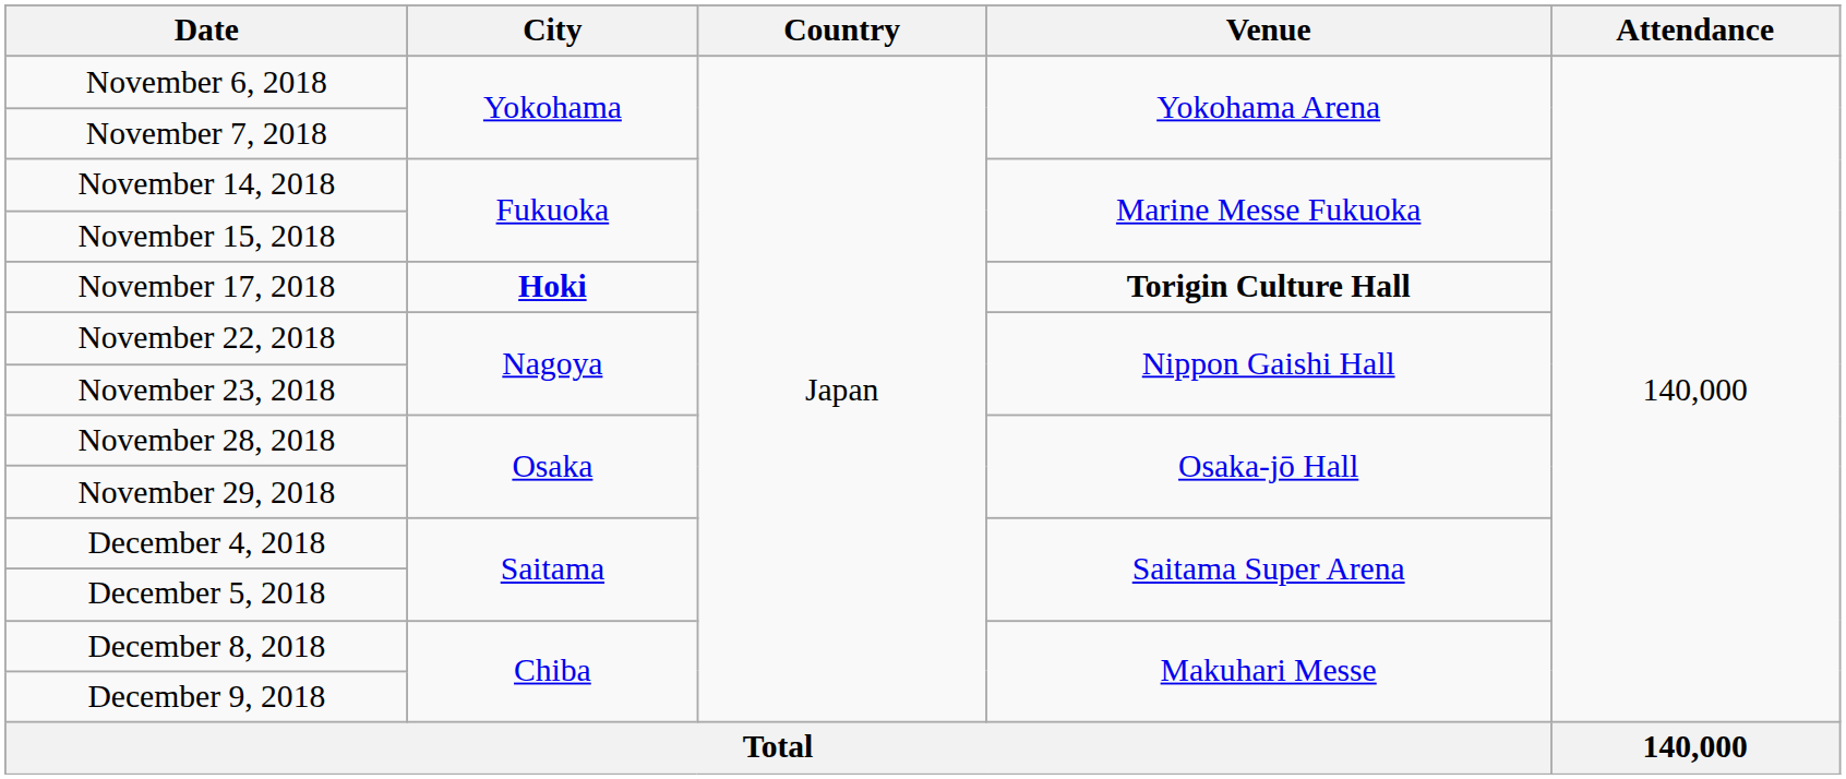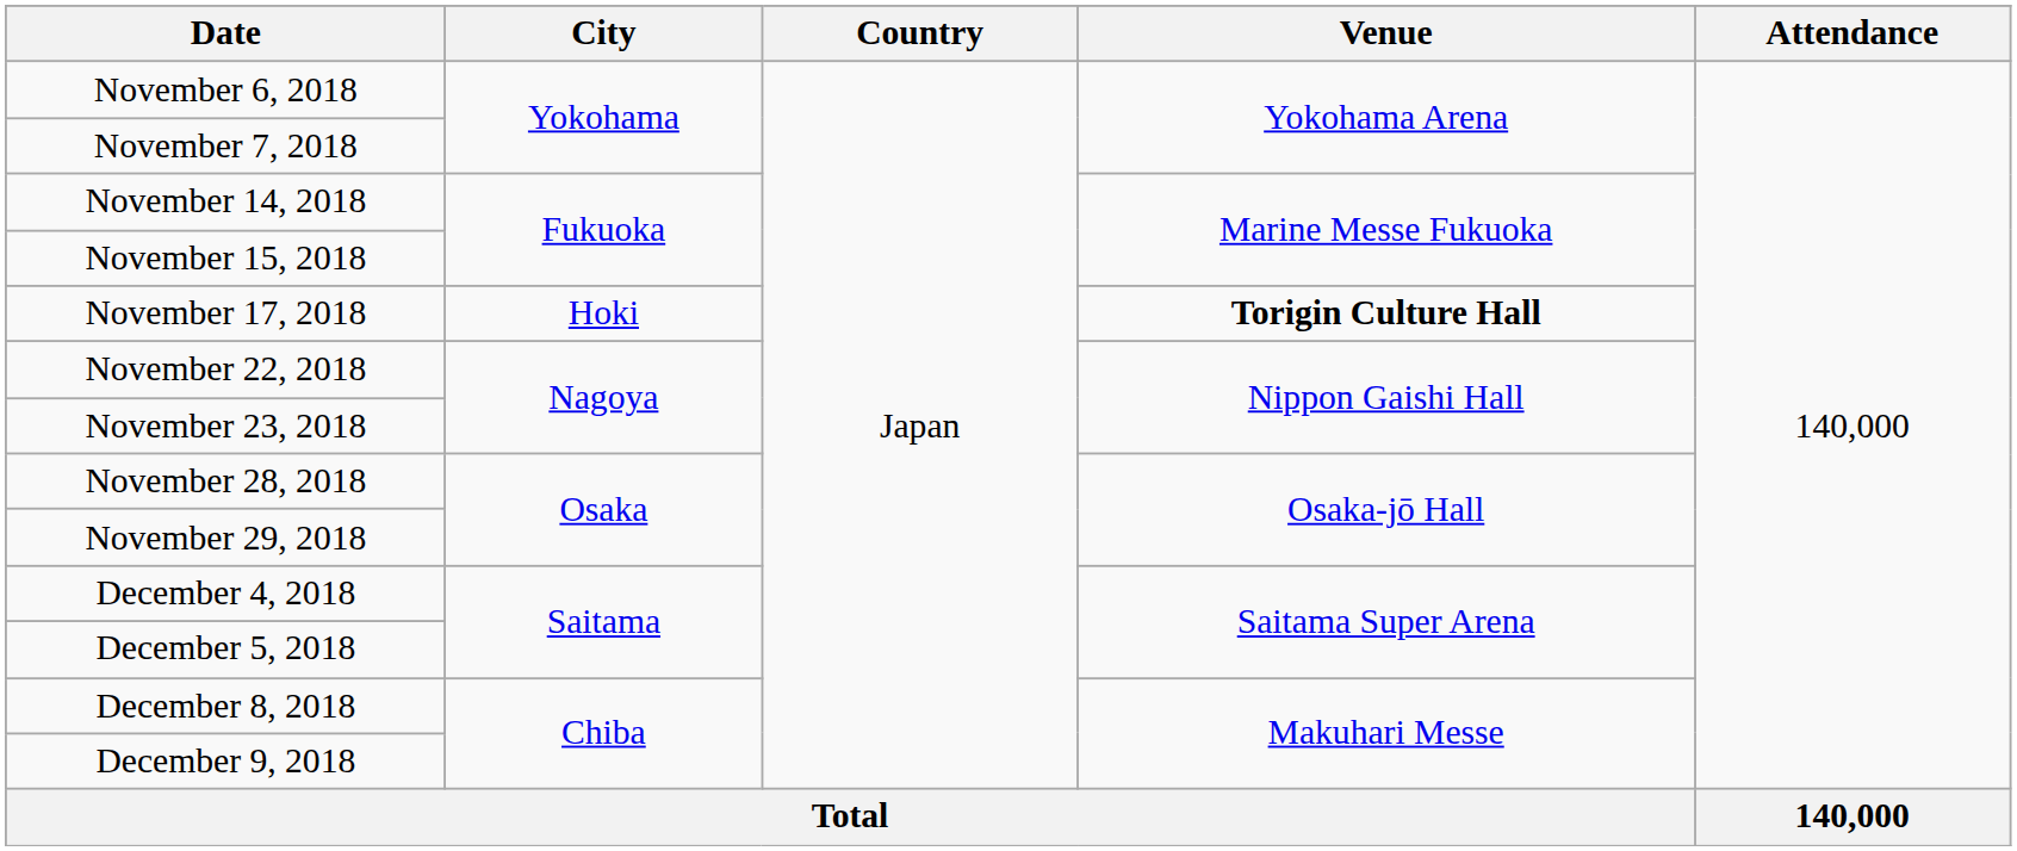 <table class="wikitable" style="text-align:center;">
 <tr>
 <th scope="col" style="width:12em;">Date</th>
 <th scope="col" style="width:8.5em;">City</th>
 <th scope="col" style="width:8.5em;">Country</th>
 <th scope="col" style="width:17em;">Venue</th>
 <th scope="col" style="width:8.5em;">Attendance</th>
 </tr>
 <tr>
 <td>November 6, 2018</td>
 <td rowspan="2"><a href='#'>Yokohama</a></td>
 <td rowspan="13">Japan</td>
 <td rowspan="2"><a href='#'>Yokohama Arena</a></td>
 <td rowspan="13">140,000</td>
 </tr>
 <tr>
 <td>November 7, 2018</td>
 </tr>
 <tr>
 <td>November 14, 2018</td>
 <td rowspan="2"><a href='#'>Fukuoka</a></td>
 <td rowspan="2"><a href='#'>Marine Messe Fukuoka</a></td>
 </tr>
 <tr>
 <td>November 15, 2018</td>
 </tr>
 <tr>
 <td>November 17, 2018</td>
-<td rowspan="1"><strong><a href='#'>Hoki</a></strong></td>
+<td rowspan="1"><a href='#'>Hoki</a></td>
 <td rowspan="1"><strong>Torigin Culture Hall</strong></td>
 </tr>
 <tr>
 <td>November 22, 2018</td>
 <td rowspan="2"><a href='#'>Nagoya</a></td>
 <td rowspan="2"><a href='#'>Nippon Gaishi Hall</a></td>
 </tr>
 <tr>
 <td>November 23, 2018</td>
 </tr>
 <tr>
 <td>November 28, 2018</td>
 <td rowspan="2"><a href='#'>Osaka</a></td>
 <td rowspan="2"><a href='#'>Osaka-jō Hall</a></td>
 </tr>
 <tr>
 <td>November 29, 2018</td>
 </tr>
 <tr>
 <td>December 4, 2018</td>
 <td rowspan="2"><a href='#'>Saitama</a></td>
 <td rowspan="2"><a href='#'>Saitama Super Arena</a></td>
 </tr>
 <tr>
 <td>December 5, 2018</td>
 </tr>
 <tr>
 <td>December 8, 2018</td>
 <td rowspan="2"><a href='#'>Chiba</a></td>
 <td rowspan="2"><a href='#'>Makuhari Messe</a></td>
 </tr>
 <tr>
 <td>December 9, 2018</td>
 </tr>
 <tr>
 <th colspan="4">Total</th>
 <th>140,000</th>
 </tr>
 </table>
